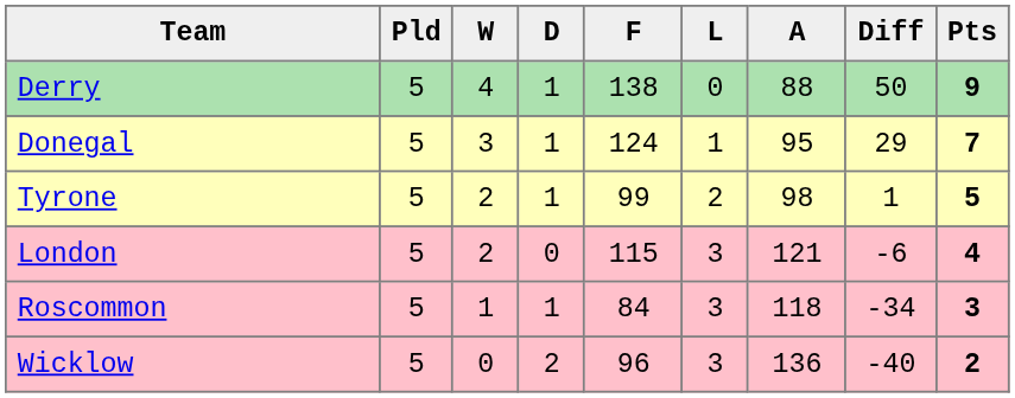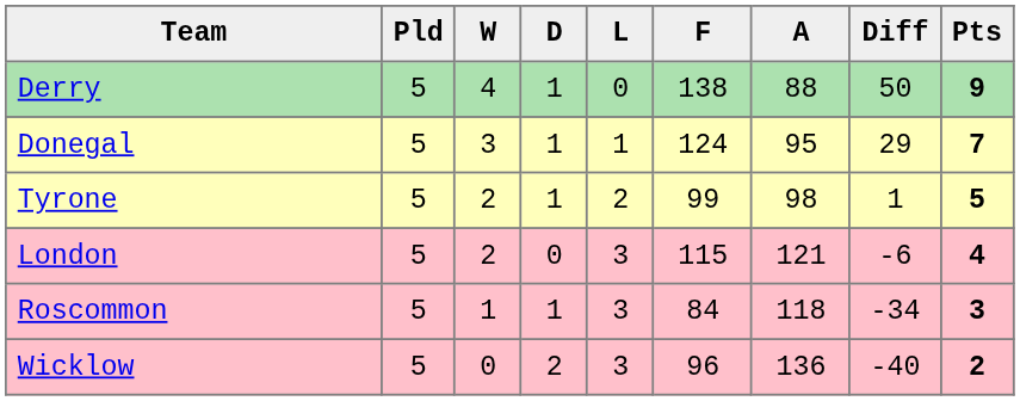 <table style=border-collapse:collapse border=1 cellspacing=0 cellpadding=5>
 <tr align=center bgcolor=#efefef>
 <th width=165>Team</th>
 <th width=20>Pld</th>
 <th width=20>W</th>
 <th width=20>D</th>
+<th width=20>L</th>
 <th width=35>F</th>
-<th width=20>L</th>
 <th width=35>A</th>
 <th width=20>Diff</th>
 <th width=20>Pts</th>
 </tr>
 <tr align=center style="background:#ACE1AF;”">
 <td style="text-align:left;"> <a href='#'>Derry</a></td>
 <td>5</td>
 <td>4</td>
 <td>1</td>
+<td>0</td>
 <td>138</td>
-<td>0</td>
 <td>88</td>
 <td>50</td>
 <td><strong>9</strong></td>
 </tr>
 <tr align=center style="background:#FFFFBB;">
 <td style="text-align:left;"> <a href='#'>Donegal</a></td>
 <td>5</td>
 <td>3</td>
 <td>1</td>
+<td>1</td>
 <td>124</td>
-<td>1</td>
 <td>95</td>
 <td>29</td>
 <td><strong>7</strong></td>
 </tr>
 <tr align=center style="background:#FFFFBB;">
 <td style="text-align:left;"> <a href='#'>Tyrone</a></td>
 <td>5</td>
 <td>2</td>
 <td>1</td>
+<td>2</td>
 <td>99</td>
-<td>2</td>
 <td>98</td>
 <td>1</td>
 <td><strong>5</strong></td>
 </tr>
 <tr align=center style="background:#FFC0CB;">
 <td style="text-align:left;"> <a href='#'>London</a></td>
 <td>5</td>
 <td>2</td>
 <td>0</td>
+<td>3</td>
 <td>115</td>
-<td>3</td>
 <td>121</td>
 <td>-6</td>
 <td><strong>4</strong></td>
 </tr>
 <tr align=center style="background:#FFC0CB;">
 <td style="text-align:left;"> <a href='#'>Roscommon</a></td>
 <td>5</td>
 <td>1</td>
 <td>1</td>
+<td>3</td>
 <td>84</td>
-<td>3</td>
 <td>118</td>
 <td>-34</td>
 <td><strong>3</strong></td>
 </tr>
 <tr align=center style="background:#FFC0CB;">
 <td style="text-align:left;"> <a href='#'>Wicklow</a></td>
 <td>5</td>
 <td>0</td>
 <td>2</td>
+<td>3</td>
 <td>96</td>
-<td>3</td>
 <td>136</td>
 <td>-40</td>
 <td><strong>2</strong></td>
 </tr>
 </table>
